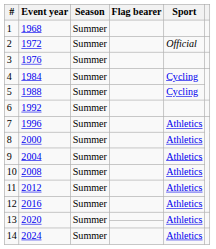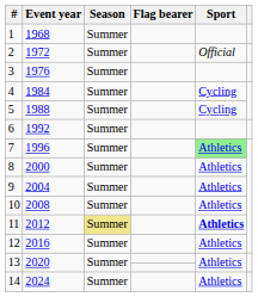 <table class="wikitable sortable">
 <tr>
 <th>#</th>
 <th>Event year</th>
 <th>Season</th>
 <th>Flag bearer</th>
 <th>Sport</th>
 <th></th>
 </tr>
 <tr>
 <td>1</td>
 <td><a href='#'>1968</a></td>
 <td>Summer</td>
 <td></td>
 <td></td>
 <td></td>
 </tr>
 <tr>
 <td>2</td>
 <td><a href='#'>1972</a></td>
 <td>Summer</td>
 <td></td>
 <td><em>Official</em></td>
 <td></td>
 </tr>
 <tr>
 <td>3</td>
 <td><a href='#'>1976</a></td>
 <td>Summer</td>
 <td></td>
 <td></td>
 <td></td>
 </tr>
 <tr>
 <td>4</td>
 <td><a href='#'>1984</a></td>
 <td>Summer</td>
 <td></td>
 <td><a href='#'>Cycling</a></td>
 <td rowspan=2></td>
 </tr>
 <tr>
 <td>5</td>
 <td><a href='#'>1988</a></td>
 <td>Summer</td>
 <td></td>
 <td><a href='#'>Cycling</a></td>
 </tr>
 <tr>
 <td>6</td>
 <td><a href='#'>1992</a></td>
 <td>Summer</td>
 <td></td>
 <td></td>
 <td></td>
 </tr>
 <tr>
 <td>7</td>
 <td><a href='#'>1996</a></td>
 <td>Summer</td>
 <td></td>
-<td><a href='#'>Athletics</a></td>
+<td style="background: lightgreen;"><a href='#'>Athletics</a></td>
 <td rowspan=6></td>
 </tr>
 <tr>
 <td>8</td>
 <td><a href='#'>2000</a></td>
 <td>Summer</td>
 <td></td>
 <td><a href='#'>Athletics</a></td>
 </tr>
 <tr>
 <td>9</td>
 <td><a href='#'>2004</a></td>
 <td>Summer</td>
 <td></td>
 <td><a href='#'>Athletics</a></td>
 </tr>
 <tr>
 <td>10</td>
 <td><a href='#'>2008</a></td>
 <td>Summer</td>
 <td></td>
 <td><a href='#'>Athletics</a></td>
 </tr>
 <tr>
 <td>11</td>
 <td><a href='#'>2012</a></td>
-<td>Summer</td>
+<td style="background: khaki;">Summer</td>
 <td></td>
-<td><a href='#'>Athletics</a></td>
+<td><strong><a href='#'>Athletics</a></strong></td>
 </tr>
 <tr>
 <td>12</td>
 <td><a href='#'>2016</a></td>
 <td>Summer</td>
 <td></td>
 <td><a href='#'>Athletics</a></td>
 </tr>
 <tr>
 <td rowspan=2>13</td>
 <td rowspan=2><a href='#'>2020</a></td>
 <td rowspan=2>Summer</td>
 <td></td>
 <td rowspan=2><a href='#'>Athletics</a></td>
 <td rowspan=2></td>
 </tr>
 <tr>
 <td></td>
 </tr>
 <tr>
 <td>14</td>
 <td><a href='#'>2024</a></td>
 <td>Summer</td>
 <td></td>
 <td><a href='#'>Athletics</a></td>
 <td></td>
 </tr>
 </table>
